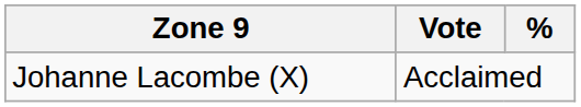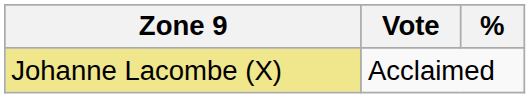 <table class="wikitable">
 <tr>
 <th width="200px">Zone 9</th>
 <th width="50px">Vote</th>
 <th width="30px">%</th>
 </tr>
 <tr>
-<td>Johanne Lacombe (X)</td>
+<td style="background: khaki;">Johanne Lacombe (X)</td>
 <td colspan="2">Acclaimed</td>
 </tr>
 </table>
